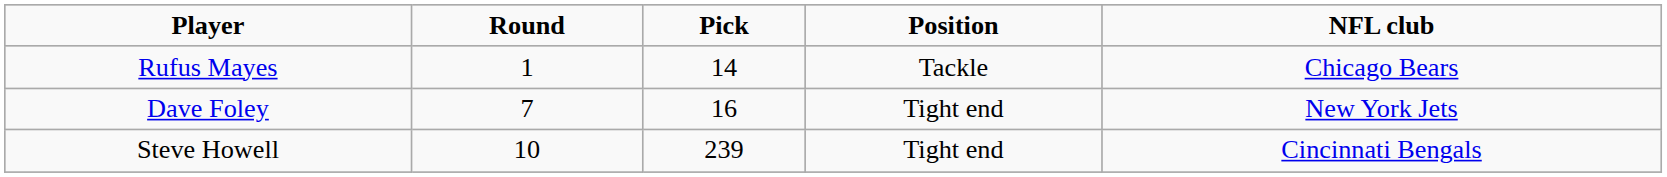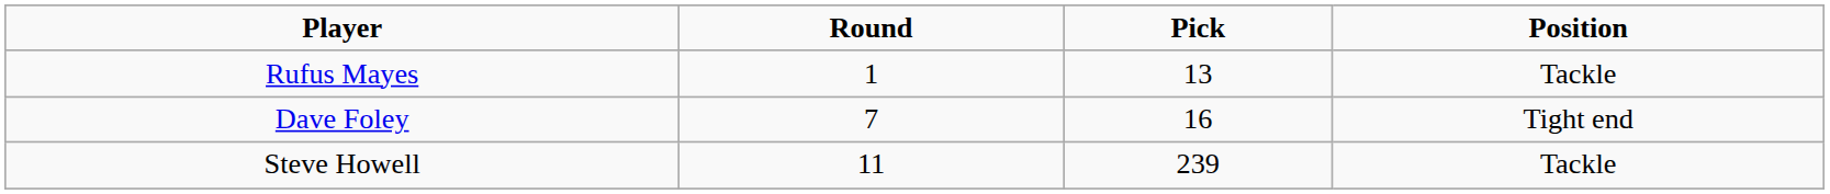 <table class="wikitable" width="80%">
 <tr align="center">
 <td><strong>Player</strong></td>
 <td><strong>Round</strong></td>
 <td><strong>Pick</strong></td>
 <td><strong>Position</strong></td>
-<td><strong>NFL club</strong></td>
 </tr>
 <tr align="center" bgcolor="">
 <td><a href='#'>Rufus Mayes</a></td>
 <td>1</td>
-<td>14</td>
+<td>13</td>
 <td>Tackle</td>
-<td><a href='#'>Chicago Bears</a></td>
 </tr>
 <tr align="center" bgcolor="">
 <td><a href='#'>Dave Foley</a></td>
 <td>7</td>
 <td>16</td>
 <td>Tight end</td>
-<td><a href='#'>New York Jets</a></td>
 </tr>
 <tr align="center" bgcolor="">
 <td>Steve Howell</td>
-<td>10</td>
+<td>11</td>
 <td>239</td>
-<td>Tight end</td>
-<td><a href='#'>Cincinnati Bengals</a></td>
+<td>Tackle</td>
 </tr>
 </table>
